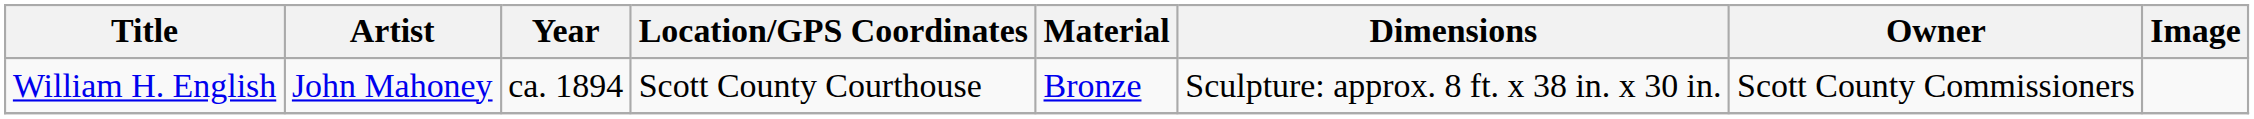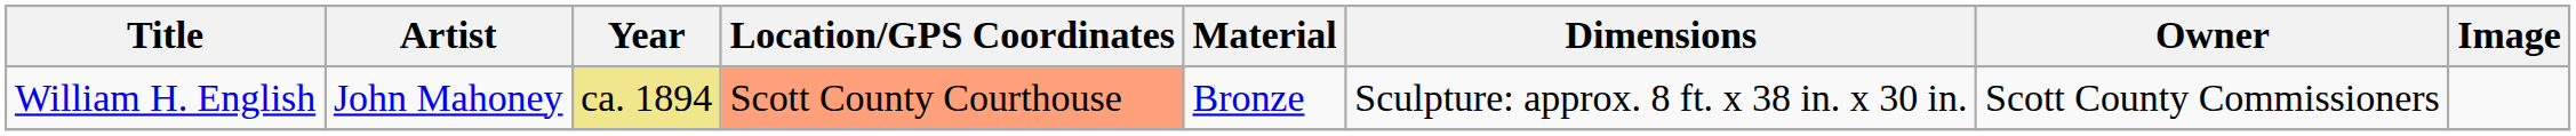 <table class="wikitable sortable">
 <tr>
 <th>Title</th>
 <th>Artist</th>
 <th>Year</th>
 <th>Location/GPS Coordinates</th>
 <th>Material</th>
 <th>Dimensions</th>
 <th>Owner</th>
 <th>Image</th>
 </tr>
 <tr>
 <td><a href='#'>William H. English</a></td>
 <td><a href='#'>John Mahoney</a></td>
-<td>ca. 1894</td>
-<td>Scott County Courthouse </td>
+<td style="background: khaki;">ca. 1894</td>
+<td style="background: lightsalmon;">Scott County Courthouse </td>
 <td><a href='#'>Bronze</a></td>
 <td>Sculpture: approx. 8 ft. x 38 in. x 30 in.</td>
 <td>Scott County Commissioners</td>
 <td></td>
 </tr>
 <tr>
 </tr>
 </table>
